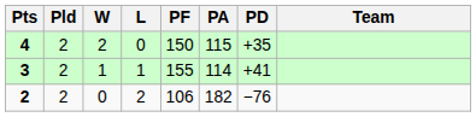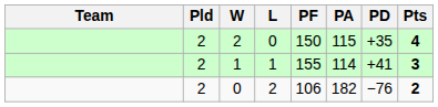 <table class=wikitable style="text-align:center">
 <tr>
-<th width=30>Pts</th>
+<th width=180>Team</th>
 <th width=30>Pld</th>
 <th width=30>W</th>
 <th width=30>L</th>
 <th width=30>PF</th>
 <th width=30>PA</th>
 <th width=30>PD</th>
-<th width=180>Team</th>
+<th width=30>Pts</th>
 </tr>
 <tr bgcolor="#ccffcc">
-<td><strong>4</strong></td>
+<td align=left></td>
 <td>2</td>
 <td>2</td>
 <td>0</td>
 <td>150</td>
 <td>115</td>
 <td>+35</td>
-<td align=left></td>
+<td><strong>4</strong></td>
 </tr>
 <tr bgcolor="#ccffcc">
-<td><strong>3</strong></td>
+<td align=left></td>
 <td>2</td>
 <td>1</td>
 <td>1</td>
 <td>155</td>
 <td>114</td>
 <td>+41</td>
-<td align=left></td>
+<td><strong>3</strong></td>
 </tr>
 <tr align=center>
-<td><strong>2</strong></td>
+<td align=left></td>
 <td>2</td>
 <td>0</td>
 <td>2</td>
 <td>106</td>
 <td>182</td>
 <td>−76</td>
-<td align=left></td>
+<td><strong>2</strong></td>
 </tr>
 </table>
